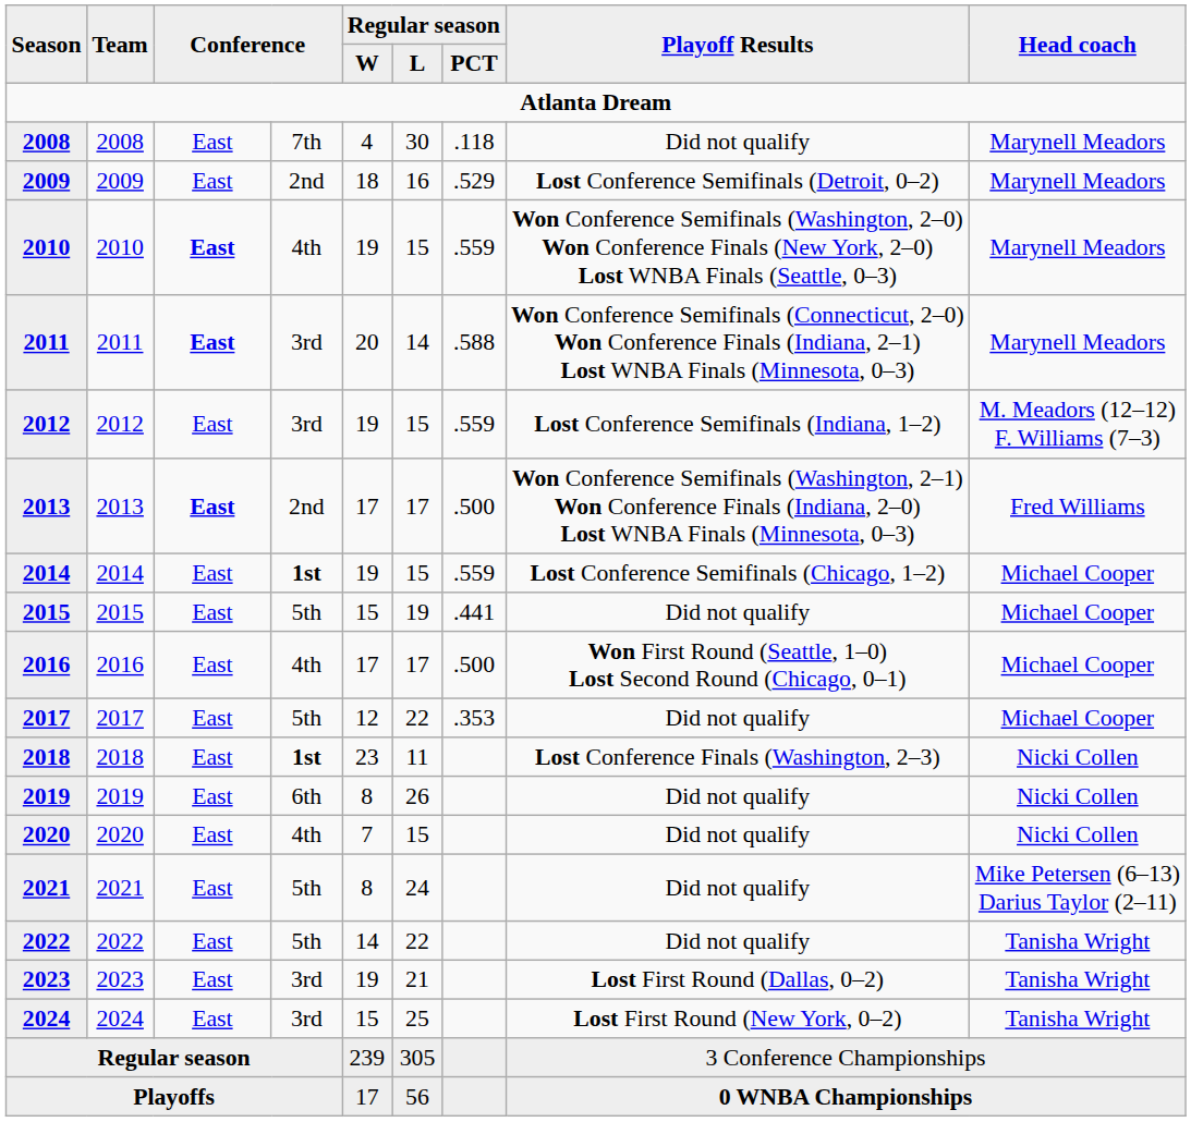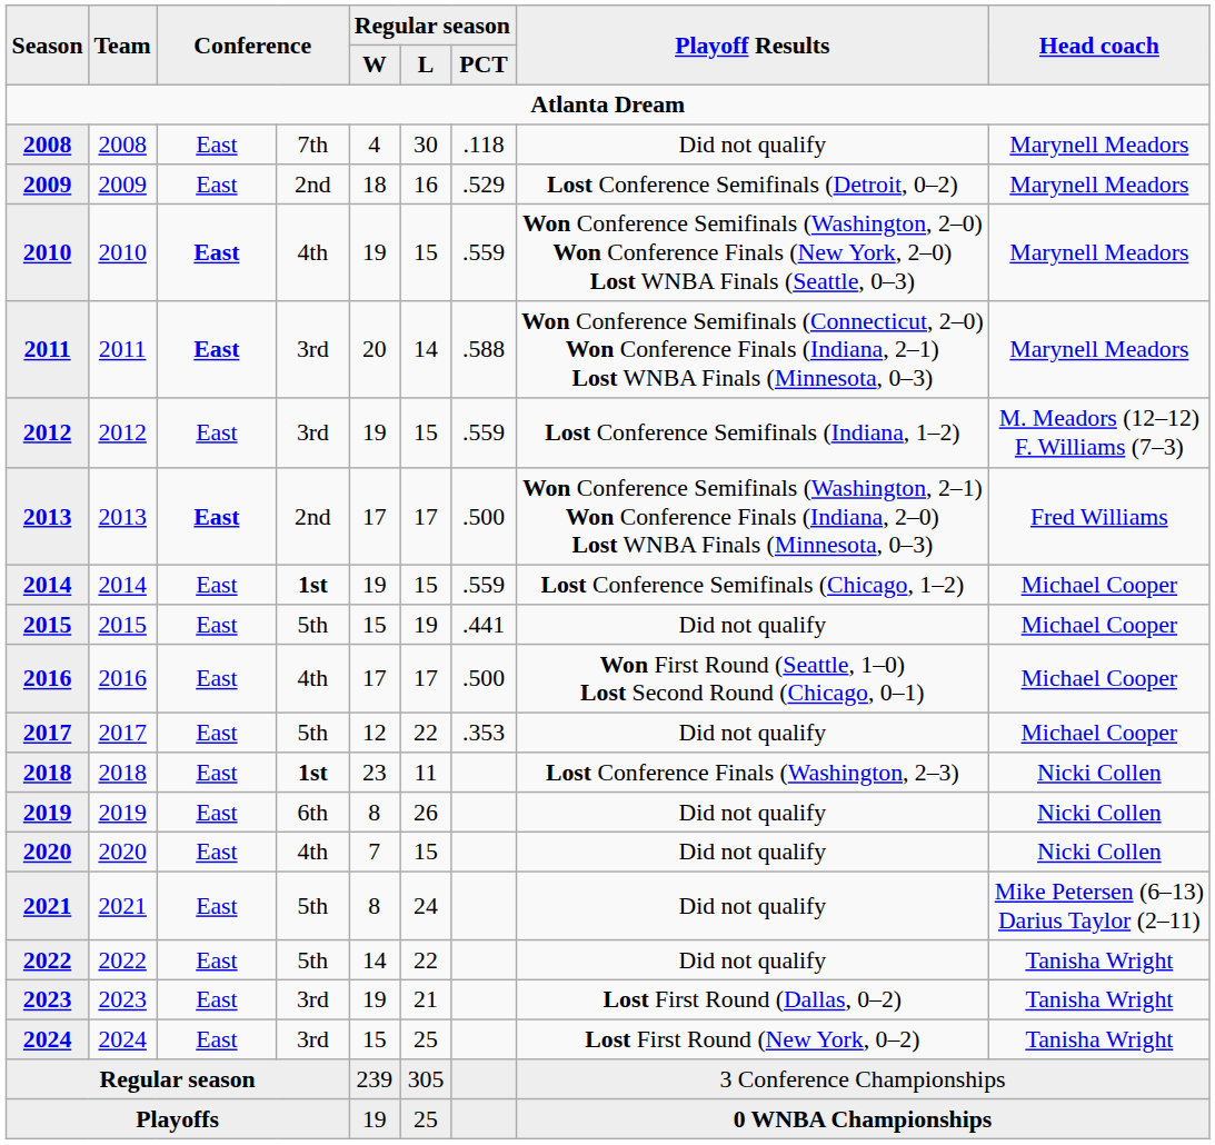 <table class="wikitable" style="font-size:95%; text-align: center; margin:1em auto;">
 <tr>
 <th rowspan="2" style="background:#eee;">Season</th>
 <th rowspan="2" style="background:#eee;">Team</th>
 <th rowspan="2" colspan="2" style="background:#eee;">Conference</th>
 <th colspan="3" style="background:#eee;">Regular season</th>
 <th rowspan="2" style="background:#eee;"><a href='#'>Playoff</a> Results</th>
 <th rowspan="2" style="background:#eee;"><a href='#'>Head coach</a></th>
 </tr>
 <tr>
 <th style="background:#eee;">W</th>
 <th style="background:#eee;">L</th>
 <th style="background:#eee;">PCT</th>
 </tr>
 <tr>
 <td colspan="9" style="text-align:center; "><strong>Atlanta Dream</strong></td>
 </tr>
 <tr align="center">
 <th style="background:#eee;"><a href='#'>2008</a></th>
 <td><a href='#'>2008</a></td>
 <td><a href='#'>East</a></td>
 <td>7th</td>
 <td>4</td>
 <td>30</td>
 <td>.118</td>
 <td>Did not qualify</td>
 <td><a href='#'>Marynell Meadors</a></td>
 </tr>
 <tr align="center">
 <th style="background:#eee;"><a href='#'>2009</a></th>
 <td><a href='#'>2009</a></td>
 <td><a href='#'>East</a></td>
 <td>2nd</td>
 <td>18</td>
 <td>16</td>
 <td>.529</td>
 <td><strong>Lost</strong> Conference Semifinals (<a href='#'>Detroit</a>, 0–2)</td>
 <td><a href='#'>Marynell Meadors</a></td>
 </tr>
 <tr align="center">
 <th style="background:#eee;"><a href='#'>2010</a></th>
 <td><a href='#'>2010</a></td>
 <td><strong><a href='#'>East</a></strong></td>
 <td>4th</td>
 <td>19</td>
 <td>15</td>
 <td>.559</td>
 <td><strong>Won</strong> Conference Semifinals (<a href='#'>Washington</a>, 2–0)<br><strong>Won</strong> Conference Finals (<a href='#'>New York</a>, 2–0)<br><strong>Lost</strong> WNBA Finals (<a href='#'>Seattle</a>, 0–3)</td>
 <td><a href='#'>Marynell Meadors</a></td>
 </tr>
 <tr align="center">
 <th style="background:#eee;"><a href='#'>2011</a></th>
 <td><a href='#'>2011</a></td>
 <td><strong><a href='#'>East</a></strong></td>
 <td>3rd</td>
 <td>20</td>
 <td>14</td>
 <td>.588</td>
 <td><strong>Won</strong> Conference Semifinals (<a href='#'>Connecticut</a>, 2–0)<br><strong>Won</strong> Conference Finals (<a href='#'>Indiana</a>, 2–1)<br><strong>Lost</strong> WNBA Finals (<a href='#'>Minnesota</a>, 0–3)</td>
 <td><a href='#'>Marynell Meadors</a></td>
 </tr>
 <tr align="center">
 <th style="background:#eee;"><a href='#'>2012</a></th>
 <td><a href='#'>2012</a></td>
 <td><a href='#'>East</a></td>
 <td>3rd</td>
 <td>19</td>
 <td>15</td>
 <td>.559</td>
 <td><strong>Lost</strong> Conference Semifinals (<a href='#'>Indiana</a>, 1–2)</td>
 <td><a href='#'>M. Meadors</a> (12–12)<br><a href='#'>F. Williams</a> (7–3)</td>
 </tr>
 <tr style="text-align:center;">
 <th style="background:#eee;"><a href='#'>2013</a></th>
 <td><a href='#'>2013</a></td>
 <td style="width: 10%"><strong><a href='#'>East</a></strong></td>
 <td>2nd</td>
 <td>17</td>
 <td>17</td>
 <td>.500</td>
 <td><strong>Won</strong> Conference Semifinals (<a href='#'>Washington</a>, 2–1)<br><strong>Won</strong> Conference Finals (<a href='#'>Indiana</a>, 2–0)<br><strong>Lost</strong> WNBA Finals (<a href='#'>Minnesota</a>, 0–3)</td>
 <td><a href='#'>Fred Williams</a></td>
 </tr>
 <tr style="text-align:center;">
 <th style="background:#eee;"><a href='#'>2014</a></th>
 <td><a href='#'>2014</a></td>
 <td><a href='#'>East</a></td>
 <td><strong>1st</strong></td>
 <td>19</td>
 <td>15</td>
 <td>.559</td>
 <td><strong>Lost</strong> Conference Semifinals (<a href='#'>Chicago</a>, 1–2)</td>
 <td><a href='#'>Michael Cooper</a></td>
 </tr>
 <tr style="text-align:center;">
 <th style="background:#eee;"><a href='#'>2015</a></th>
 <td><a href='#'>2015</a></td>
 <td><a href='#'>East</a></td>
 <td>5th</td>
 <td>15</td>
 <td>19</td>
 <td>.441</td>
 <td>Did not qualify</td>
 <td><a href='#'>Michael Cooper</a></td>
 </tr>
 <tr style="text-align:center;">
 <th style="background:#eee;"><a href='#'>2016</a></th>
 <td><a href='#'>2016</a></td>
 <td><a href='#'>East</a></td>
 <td>4th</td>
 <td>17</td>
 <td>17</td>
 <td>.500</td>
 <td><strong>Won</strong> First Round (<a href='#'>Seattle</a>, 1–0)<br><strong>Lost</strong> Second Round (<a href='#'>Chicago</a>, 0–1)</td>
 <td><a href='#'>Michael Cooper</a></td>
 </tr>
 <tr>
 <th style="background:#eee;"><a href='#'>2017</a></th>
 <td><a href='#'>2017</a></td>
 <td><a href='#'>East</a></td>
 <td>5th</td>
 <td>12</td>
 <td>22</td>
 <td>.353</td>
 <td>Did not qualify</td>
 <td><a href='#'>Michael Cooper</a></td>
 </tr>
 <tr>
 <th style="background:#eee;"><a href='#'>2018</a></th>
 <td><a href='#'>2018</a></td>
 <td><a href='#'>East</a></td>
 <td><strong>1st</strong></td>
 <td>23</td>
 <td>11</td>
 <td></td>
 <td><strong>Lost</strong> Conference Finals (<a href='#'>Washington</a>, 2–3)</td>
 <td><a href='#'>Nicki Collen</a></td>
 </tr>
 <tr>
 <th style="background:#eee;"><a href='#'>2019</a></th>
 <td><a href='#'>2019</a></td>
 <td><a href='#'>East</a></td>
 <td>6th</td>
 <td>8</td>
 <td>26</td>
 <td></td>
 <td>Did not qualify</td>
 <td><a href='#'>Nicki Collen</a></td>
 </tr>
 <tr>
 <th style="background:#eee;"><a href='#'>2020</a></th>
 <td><a href='#'>2020</a></td>
 <td><a href='#'>East</a></td>
 <td>4th</td>
 <td>7</td>
 <td>15</td>
 <td></td>
 <td>Did not qualify</td>
 <td><a href='#'>Nicki Collen</a></td>
 </tr>
 <tr>
 <th style="background:#eee;"><a href='#'>2021</a></th>
 <td><a href='#'>2021</a></td>
 <td><a href='#'>East</a></td>
 <td>5th</td>
 <td>8</td>
 <td>24</td>
 <td></td>
 <td>Did not qualify</td>
 <td><a href='#'>Mike Petersen</a> (6–13)<br><a href='#'>Darius Taylor</a> (2–11)</td>
 </tr>
 <tr>
 <th style="background:#eee;"><a href='#'>2022</a></th>
 <td><a href='#'>2022</a></td>
 <td><a href='#'>East</a></td>
 <td>5th</td>
 <td>14</td>
 <td>22</td>
 <td></td>
 <td>Did not qualify</td>
 <td><a href='#'>Tanisha Wright</a></td>
 </tr>
 <tr>
 <th style="background:#eee;"><a href='#'>2023</a></th>
 <td><a href='#'>2023</a></td>
 <td><a href='#'>East</a></td>
 <td>3rd</td>
 <td>19</td>
 <td>21</td>
 <td></td>
 <td><strong>Lost</strong> First Round (<a href='#'>Dallas</a>, 0–2)</td>
 <td><a href='#'>Tanisha Wright</a></td>
 </tr>
 <tr>
 <th style="background:#eee;"><a href='#'>2024</a></th>
 <td><a href='#'>2024</a></td>
 <td><a href='#'>East</a></td>
 <td>3rd</td>
 <td>15</td>
 <td>25</td>
 <td></td>
 <td><strong>Lost</strong> First Round (<a href='#'>New York</a>, 0–2)</td>
 <td><a href='#'>Tanisha Wright</a></td>
 </tr>
 <tr>
 <th colspan="4" style="background:#eee;">Regular season</th>
 <td style="background:#eee;">239</td>
 <td style="background:#eee;">305</td>
 <td style="background:#eee;"></td>
 <td colspan="2" style="background:#eee;">3 Conference Championships</td>
 </tr>
 <tr>
 <th colspan="4" style="background:#eee;">Playoffs</th>
-<td style="background:#eee;">17</td>
-<td style="background:#eee;">56</td>
+<td style="background:#eee;">19</td>
+<td style="background:#eee;">25</td>
 <td style="background:#eee;"></td>
 <td colspan="2" style="background:#eee;"><strong>0 WNBA Championships</strong></td>
 </tr>
 </table>
